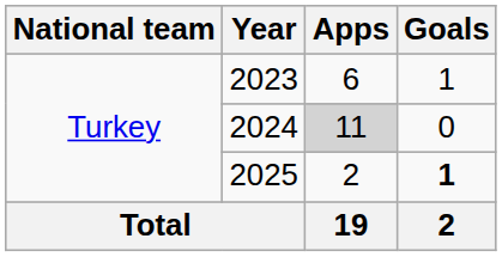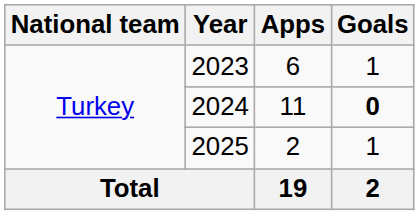 <table class="wikitable" style="text-align:center">
 <tr>
 <th>National team</th>
 <th>Year</th>
 <th>Apps</th>
 <th>Goals</th>
 </tr>
 <tr>
 <td rowspan="3"><a href='#'>Turkey</a></td>
 <td>2023</td>
 <td>6</td>
 <td>1</td>
 </tr>
 <tr>
 <td>2024</td>
-<td style="background: lightgrey;">11</td>
-<td>0</td>
+<td>11</td>
+<td><strong>0</strong></td>
 </tr>
 <tr>
 <td>2025</td>
 <td>2</td>
-<td><strong>1</strong></td>
+<td>1</td>
 </tr>
 <tr>
 <th colspan="2">Total</th>
 <th>19</th>
 <th>2</th>
 </tr>
 </table>
